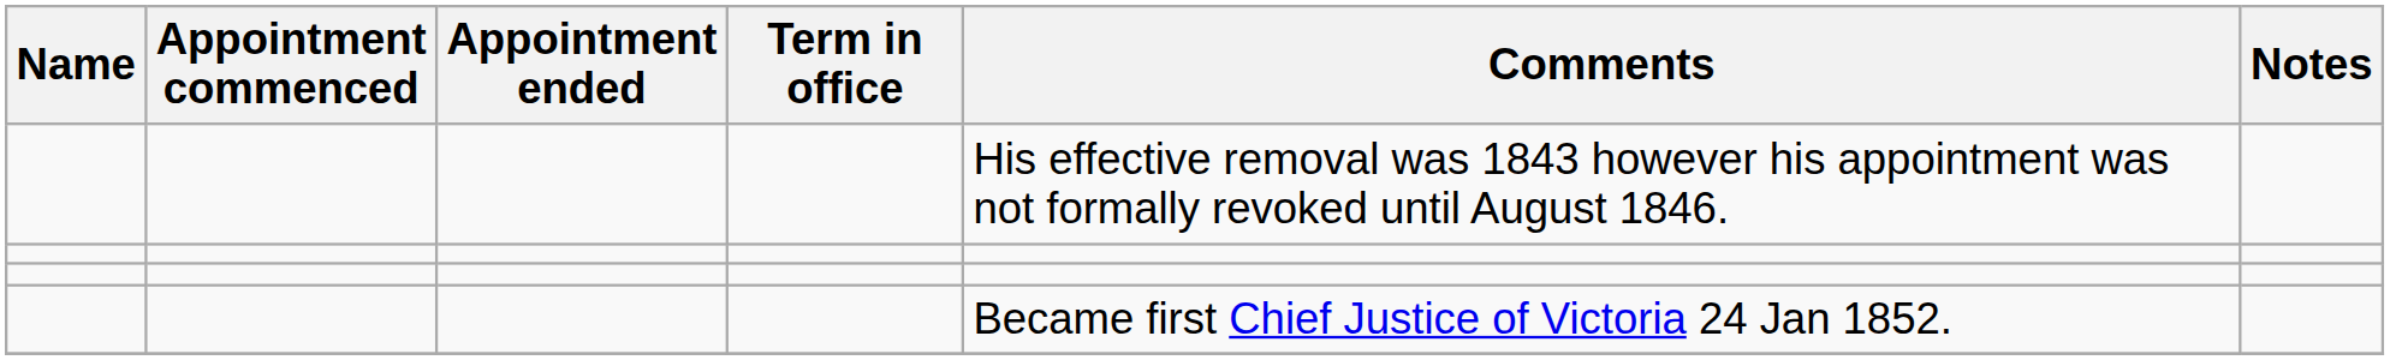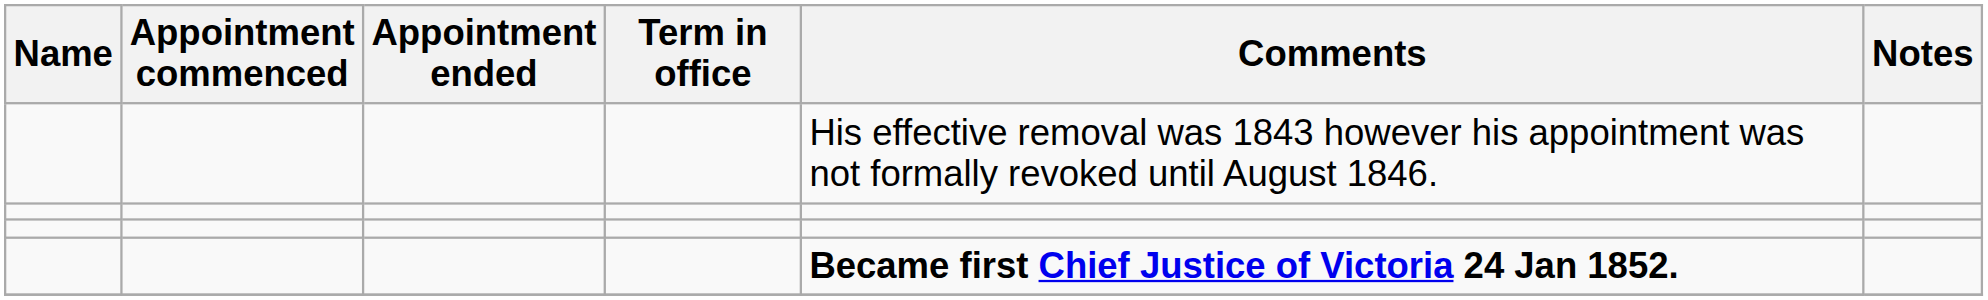 <table class="wikitable sortable" border="1" ||>
 <tr>
 <th>Name</th>
 <th>Appointment<br>commenced</th>
 <th>Appointment<br>ended</th>
 <th>Term in office</th>
 <th class="unsortable">Comments</th>
 <th class="unsortable">Notes</th>
 </tr>
 <tr style="vertical-align: top;">
 <td></td>
 <td></td>
 <td></td>
 <td></td>
 <td>His effective removal was 1843 however his appointment was not formally revoked until August 1846.</td>
 <td></td>
 </tr>
 <tr>
 <td></td>
 <td></td>
 <td></td>
 <td></td>
 <td></td>
 <td></td>
 </tr>
 <tr>
 <td></td>
 <td></td>
 <td></td>
 <td></td>
 <td></td>
 <td></td>
 </tr>
 <tr>
 <td></td>
 <td></td>
 <td></td>
 <td></td>
-<td>Became first <a href='#'>Chief Justice of Victoria</a> 24 Jan 1852.</td>
+<td><strong>Became first <a href='#'>Chief Justice of Victoria</a> 24 Jan 1852.</strong></td>
 <td></td>
 </tr>
 <tr>
 </tr>
 </table>
